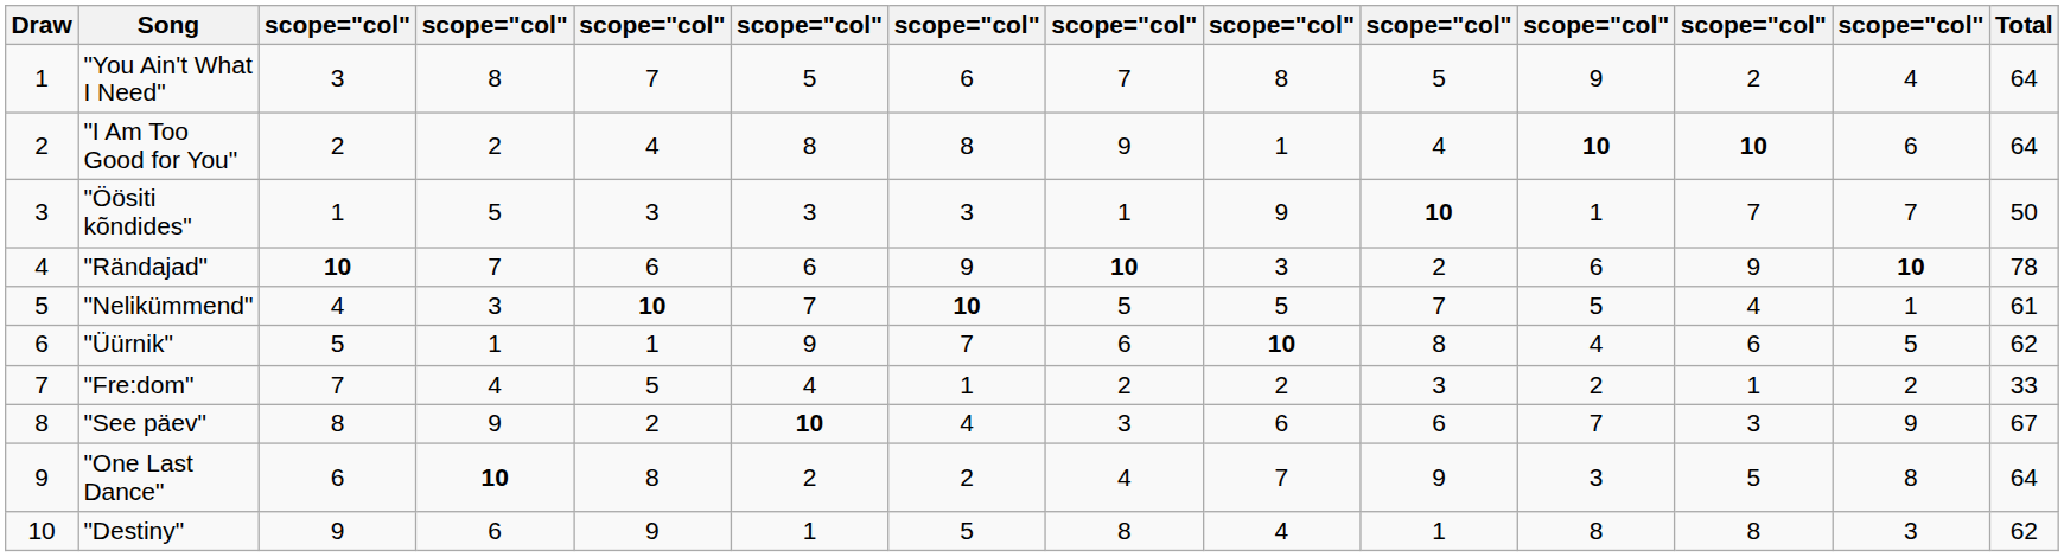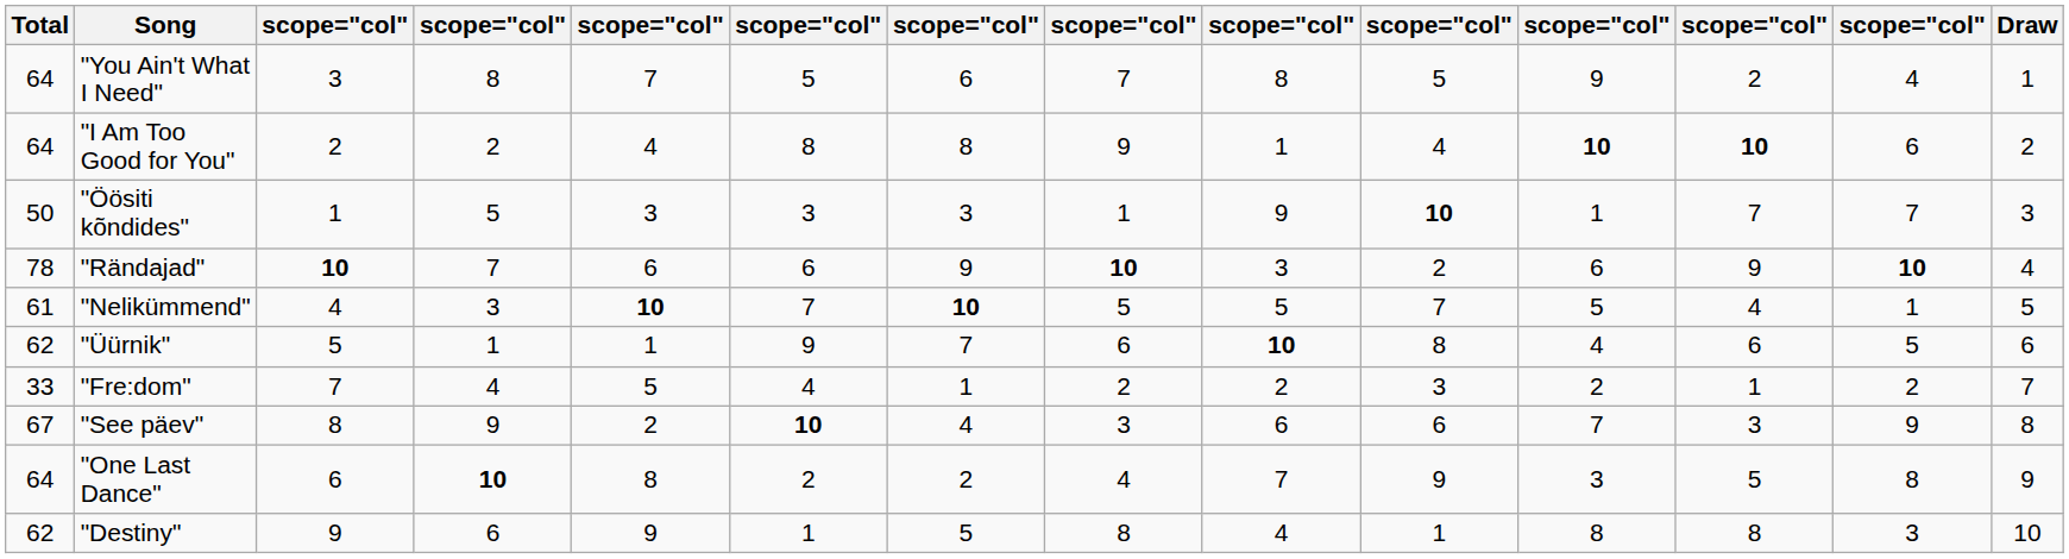 <table class="wikitable collapsible" style="margin: 1em auto 1em auto; text-align:center;">
 <tr>
-<th>Draw</th>
+<th>Total</th>
 <th>Song</th>
 <th>scope="col" </th>
 <th>scope="col" </th>
 <th>scope="col" </th>
 <th>scope="col" </th>
 <th>scope="col" </th>
 <th>scope="col" </th>
 <th>scope="col" </th>
 <th>scope="col" </th>
 <th>scope="col" </th>
 <th>scope="col" </th>
 <th>scope="col" </th>
-<th>Total</th>
+<th>Draw</th>
 </tr>
 <tr>
-<td>1</td>
+<td>64</td>
 <td align="left">"You Ain't What I Need"</td>
 <td>3</td>
 <td>8</td>
 <td>7</td>
 <td>5</td>
 <td>6</td>
 <td>7</td>
 <td>8</td>
 <td>5</td>
 <td>9</td>
 <td>2</td>
 <td>4</td>
-<td>64</td>
+<td>1</td>
 </tr>
 <tr>
-<td>2</td>
+<td>64</td>
 <td align="left">"I Am Too Good for You"</td>
 <td>2</td>
 <td>2</td>
 <td>4</td>
 <td>8</td>
 <td>8</td>
 <td>9</td>
 <td>1</td>
 <td>4</td>
 <td><strong>10</strong></td>
 <td><strong>10</strong></td>
 <td>6</td>
-<td>64</td>
+<td>2</td>
 </tr>
 <tr>
-<td>3</td>
+<td>50</td>
 <td align="left">"Öösiti kõndides"</td>
 <td>1</td>
 <td>5</td>
 <td>3</td>
 <td>3</td>
 <td>3</td>
 <td>1</td>
 <td>9</td>
 <td><strong>10</strong></td>
 <td>1</td>
 <td>7</td>
 <td>7</td>
-<td>50</td>
+<td>3</td>
 </tr>
 <tr>
-<td>4</td>
+<td>78</td>
 <td align="left">"Rändajad"</td>
 <td><strong>10</strong></td>
 <td>7</td>
 <td>6</td>
 <td>6</td>
 <td>9</td>
 <td><strong>10</strong></td>
 <td>3</td>
 <td>2</td>
 <td>6</td>
 <td>9</td>
 <td><strong>10</strong></td>
-<td>78</td>
+<td>4</td>
 </tr>
 <tr>
-<td>5</td>
+<td>61</td>
 <td align="left">"Nelikümmend"</td>
 <td>4</td>
 <td>3</td>
 <td><strong>10</strong></td>
 <td>7</td>
 <td><strong>10</strong></td>
 <td>5</td>
 <td>5</td>
 <td>7</td>
 <td>5</td>
 <td>4</td>
 <td>1</td>
-<td>61</td>
+<td>5</td>
 </tr>
 <tr>
-<td>6</td>
+<td>62</td>
 <td align="left">"Üürnik"</td>
 <td>5</td>
 <td>1</td>
 <td>1</td>
 <td>9</td>
 <td>7</td>
 <td>6</td>
 <td><strong>10</strong></td>
 <td>8</td>
 <td>4</td>
 <td>6</td>
 <td>5</td>
-<td>62</td>
+<td>6</td>
 </tr>
 <tr>
-<td>7</td>
+<td>33</td>
 <td align="left">"Fre:dom"</td>
 <td>7</td>
 <td>4</td>
 <td>5</td>
 <td>4</td>
 <td>1</td>
 <td>2</td>
 <td>2</td>
 <td>3</td>
 <td>2</td>
 <td>1</td>
 <td>2</td>
-<td>33</td>
+<td>7</td>
 </tr>
 <tr>
-<td>8</td>
+<td>67</td>
 <td align="left">"See päev"</td>
 <td>8</td>
 <td>9</td>
 <td>2</td>
 <td><strong>10</strong></td>
 <td>4</td>
 <td>3</td>
 <td>6</td>
 <td>6</td>
 <td>7</td>
 <td>3</td>
 <td>9</td>
-<td>67</td>
+<td>8</td>
 </tr>
 <tr>
-<td>9</td>
+<td>64</td>
 <td align="left">"One Last Dance"</td>
 <td>6</td>
 <td><strong>10</strong></td>
 <td>8</td>
 <td>2</td>
 <td>2</td>
 <td>4</td>
 <td>7</td>
 <td>9</td>
 <td>3</td>
 <td>5</td>
 <td>8</td>
-<td>64</td>
+<td>9</td>
 </tr>
 <tr>
-<td>10</td>
+<td>62</td>
 <td align="left">"Destiny"</td>
 <td>9</td>
 <td>6</td>
 <td>9</td>
 <td>1</td>
 <td>5</td>
 <td>8</td>
 <td>4</td>
 <td>1</td>
 <td>8</td>
 <td>8</td>
 <td>3</td>
-<td>62</td>
+<td>10</td>
 </tr>
 </table>
